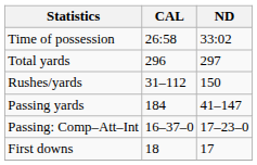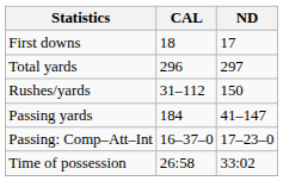 <table class="wikitable" style="float: left;">
 <tr>
 <th>Statistics</th>
 <th>CAL</th>
 <th>ND</th>
 </tr>
 <tr>
-<td>Time of possession</td>
-<td>26:58</td>
-<td>33:02</td>
+<td>First downs</td>
+<td>18</td>
+<td>17</td>
 </tr>
 <tr>
 <td>Total yards</td>
 <td>296</td>
 <td>297</td>
 </tr>
 <tr>
 <td>Rushes/yards</td>
 <td>31–112</td>
 <td>150</td>
 </tr>
 <tr>
 <td>Passing yards</td>
 <td>184</td>
 <td>41–147</td>
 </tr>
 <tr>
 <td>Passing: Comp–Att–Int</td>
 <td>16–37–0</td>
 <td>17–23–0</td>
 </tr>
 <tr>
-<td>First downs</td>
-<td>18</td>
-<td>17</td>
+<td>Time of possession</td>
+<td>26:58</td>
+<td>33:02</td>
 </tr>
 <tr>
 </tr>
 </table>
